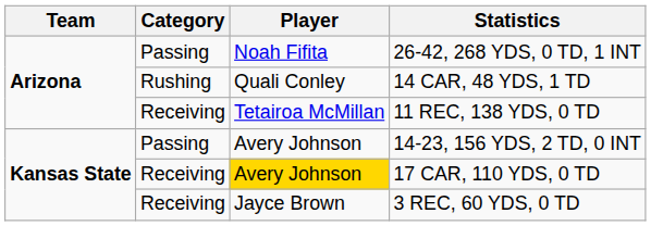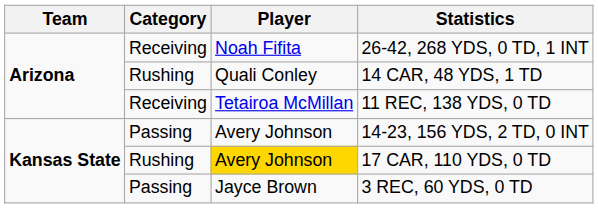 <table class="wikitable" style="float: right;">
 <tr>
 <th>Team</th>
 <th>Category</th>
 <th>Player</th>
 <th>Statistics</th>
 </tr>
 <tr>
 <td rowspan=3><strong>Arizona</strong></td>
-<td>Passing</td>
+<td>Receiving</td>
 <td><a href='#'>Noah Fifita</a></td>
 <td>26-42, 268 YDS, 0 TD, 1 INT</td>
 </tr>
 <tr>
 <td>Rushing</td>
 <td>Quali Conley</td>
 <td>14 CAR, 48 YDS, 1 TD</td>
 </tr>
 <tr>
 <td>Receiving</td>
 <td><a href='#'>Tetairoa McMillan</a></td>
 <td>11 REC, 138 YDS, 0 TD</td>
 </tr>
 <tr>
 <td rowspan=3><strong>Kansas State</strong></td>
 <td>Passing</td>
 <td>Avery Johnson</td>
 <td>14-23, 156 YDS, 2 TD, 0 INT</td>
 </tr>
 <tr>
-<td>Receiving</td>
+<td>Rushing</td>
 <td style="background: gold;">Avery Johnson</td>
 <td>17 CAR, 110 YDS, 0 TD</td>
 </tr>
 <tr>
-<td>Receiving</td>
+<td>Passing</td>
 <td>Jayce Brown</td>
 <td>3 REC, 60 YDS, 0 TD</td>
 </tr>
 </table>
